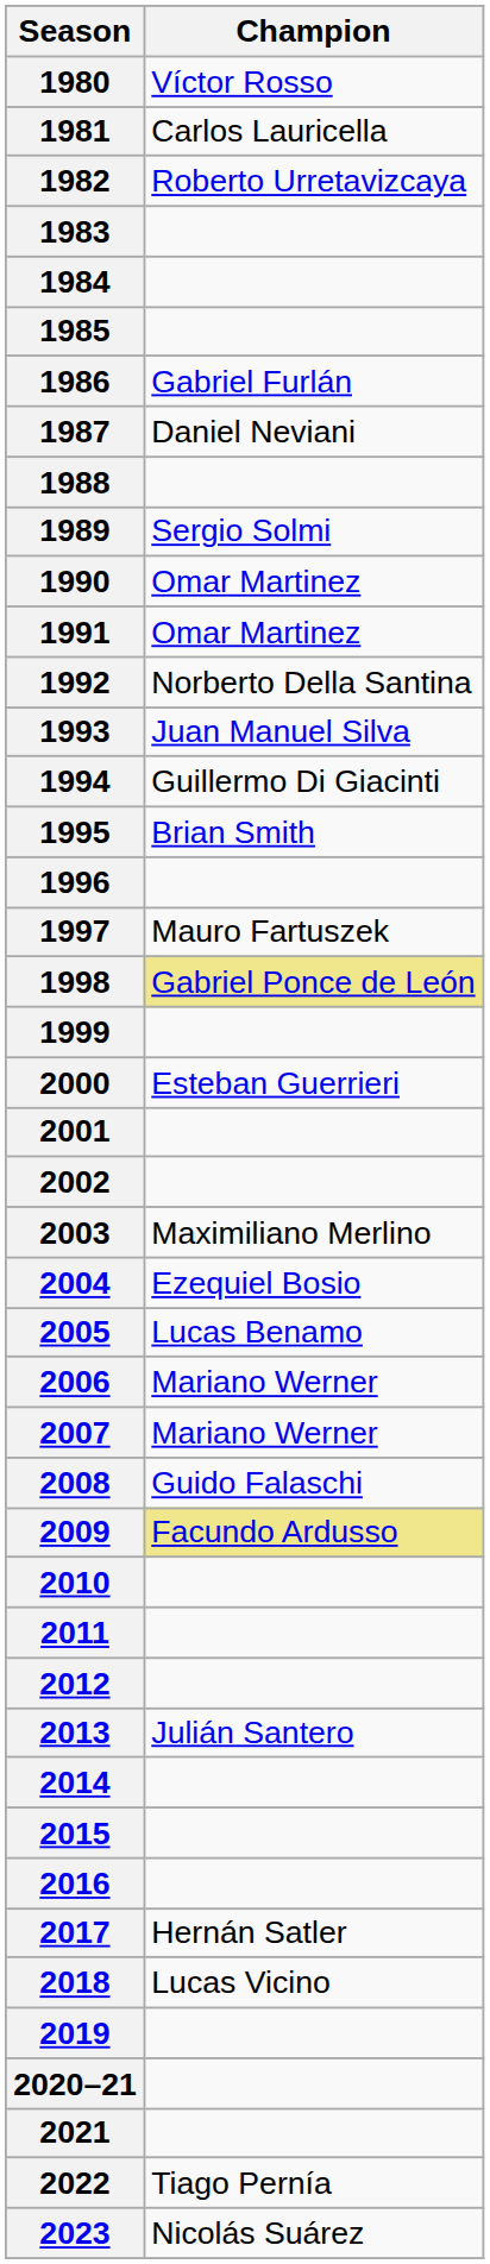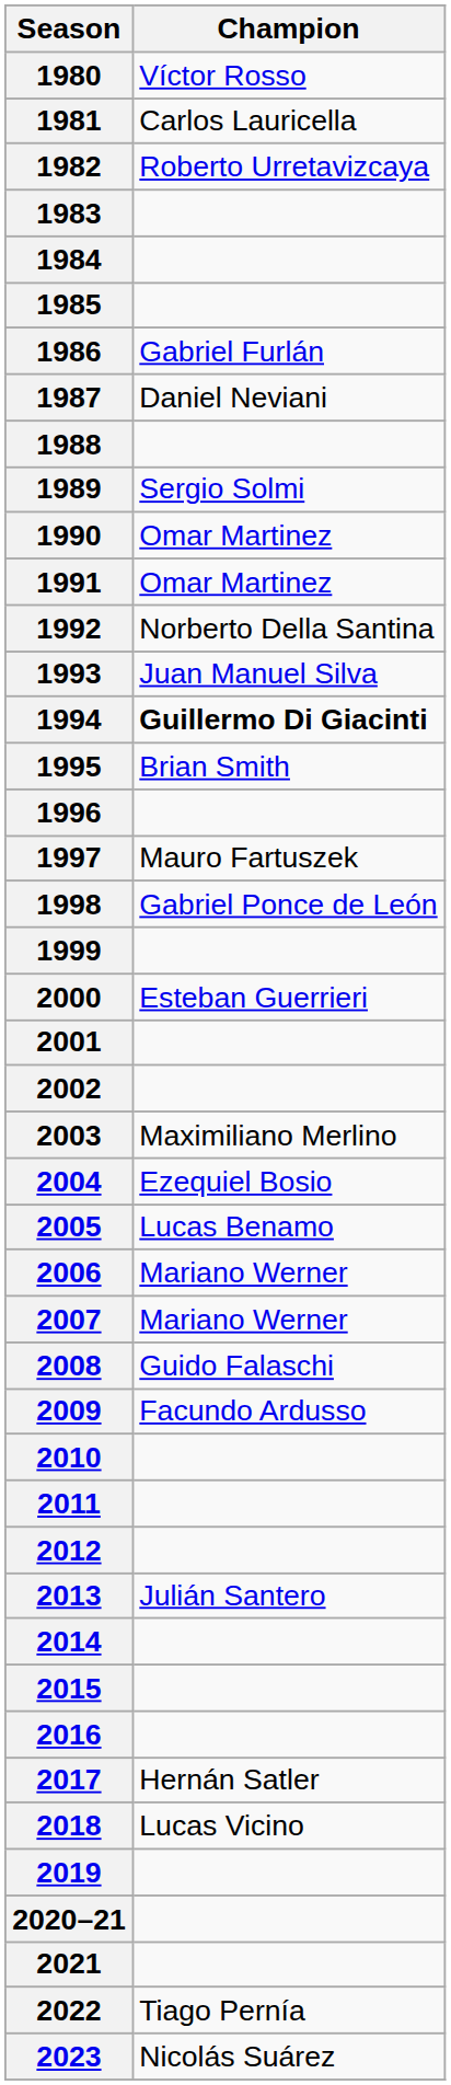 <table class="wikitable" style="font-size:90%;">
 <tr>
 <th>Season</th>
 <th>Champion</th>
 </tr>
 <tr>
 <th>1980</th>
 <td><a href='#'>Víctor Rosso</a></td>
 </tr>
 <tr>
 <th>1981</th>
 <td>Carlos Lauricella</td>
 </tr>
 <tr>
 <th>1982</th>
 <td><a href='#'>Roberto Urretavizcaya</a></td>
 </tr>
 <tr>
 <th>1983</th>
 <td></td>
 </tr>
 <tr>
 <th>1984</th>
 <td></td>
 </tr>
 <tr>
 <th>1985</th>
 <td></td>
 </tr>
 <tr>
 <th>1986</th>
 <td><a href='#'>Gabriel Furlán</a></td>
 </tr>
 <tr>
 <th>1987</th>
 <td>Daniel Neviani</td>
 </tr>
 <tr>
 <th>1988</th>
 <td></td>
 </tr>
 <tr>
 <th>1989</th>
 <td><a href='#'>Sergio Solmi</a></td>
 </tr>
 <tr>
 <th>1990</th>
 <td><a href='#'>Omar Martinez</a></td>
 </tr>
 <tr>
 <th>1991</th>
 <td><a href='#'>Omar Martinez</a></td>
 </tr>
 <tr>
 <th>1992</th>
 <td>Norberto Della Santina</td>
 </tr>
 <tr>
 <th>1993</th>
 <td><a href='#'>Juan Manuel Silva</a></td>
 </tr>
 <tr>
 <th>1994</th>
-<td>Guillermo Di Giacinti</td>
+<td><strong>Guillermo Di Giacinti</strong></td>
 </tr>
 <tr>
 <th>1995</th>
 <td><a href='#'>Brian Smith</a></td>
 </tr>
 <tr>
 <th>1996</th>
 <td></td>
 </tr>
 <tr>
 <th>1997</th>
 <td>Mauro Fartuszek</td>
 </tr>
 <tr>
 <th>1998</th>
-<td style="background: khaki;"><a href='#'>Gabriel Ponce de León</a></td>
+<td><a href='#'>Gabriel Ponce de León</a></td>
 </tr>
 <tr>
 <th>1999</th>
 <td></td>
 </tr>
 <tr>
 <th>2000</th>
 <td><a href='#'>Esteban Guerrieri</a></td>
 </tr>
 <tr>
 <th>2001</th>
 <td></td>
 </tr>
 <tr>
 <th>2002</th>
 <td></td>
 </tr>
 <tr>
 <th>2003</th>
 <td>Maximiliano Merlino</td>
 </tr>
 <tr>
 <th><a href='#'>2004</a></th>
 <td><a href='#'>Ezequiel Bosio</a></td>
 </tr>
 <tr>
 <th><a href='#'>2005</a></th>
 <td><a href='#'>Lucas Benamo</a></td>
 </tr>
 <tr>
 <th><a href='#'>2006</a></th>
 <td><a href='#'>Mariano Werner</a></td>
 </tr>
 <tr>
 <th><a href='#'>2007</a></th>
 <td><a href='#'>Mariano Werner</a></td>
 </tr>
 <tr>
 <th><a href='#'>2008</a></th>
 <td><a href='#'>Guido Falaschi</a></td>
 </tr>
 <tr>
 <th><a href='#'>2009</a></th>
-<td style="background: khaki;"><a href='#'>Facundo Ardusso</a></td>
+<td><a href='#'>Facundo Ardusso</a></td>
 </tr>
 <tr>
 <th><a href='#'>2010</a></th>
 <td></td>
 </tr>
 <tr>
 <th><a href='#'>2011</a></th>
 <td></td>
 </tr>
 <tr>
 <th><a href='#'>2012</a></th>
 <td></td>
 </tr>
 <tr>
 <th><a href='#'>2013</a></th>
 <td><a href='#'>Julián Santero</a></td>
 </tr>
 <tr>
 <th><a href='#'>2014</a></th>
 <td></td>
 </tr>
 <tr>
 <th><a href='#'>2015</a></th>
 <td></td>
 </tr>
 <tr>
 <th><a href='#'>2016</a></th>
 <td></td>
 </tr>
 <tr>
 <th><a href='#'>2017</a></th>
 <td>Hernán Satler</td>
 </tr>
 <tr>
 <th><a href='#'>2018</a></th>
 <td>Lucas Vicino</td>
 </tr>
 <tr>
 <th><a href='#'>2019</a></th>
 <td></td>
 </tr>
 <tr>
 <th>2020–21</th>
 <td></td>
 </tr>
 <tr>
 <th>2021</th>
 <td></td>
 </tr>
 <tr>
 <th>2022</th>
 <td>Tiago Pernía </td>
 </tr>
 <tr>
 <th><a href='#'>2023</a></th>
 <td>Nicolás Suárez</td>
 </tr>
 <tr>
 </tr>
 </table>
